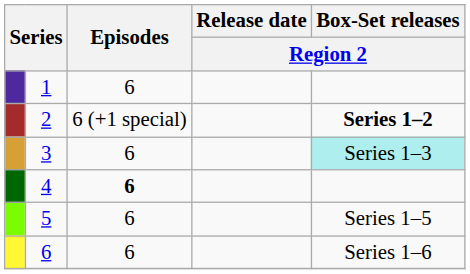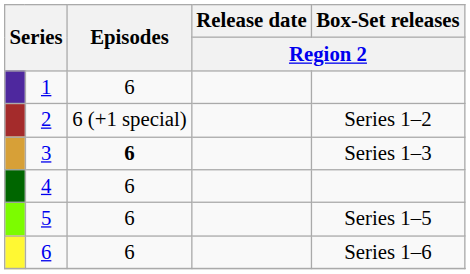 <table class="wikitable" style="text-align:center;">
 <tr>
 <th colspan="2" rowspan="2">Series</th>
 <th rowspan="2">Episodes</th>
 <th>Release date</th>
 <th>Box-Set releases</th>
 </tr>
 <tr>
 <th colspan="2"><a href='#'>Region 2</a></th>
 </tr>
 <tr>
 <td style="background:#4e289e;"></td>
 <td><a href='#'>1</a></td>
 <td>6</td>
 <td></td>
 <td></td>
 </tr>
 <tr>
 <td style="background:#a42b2b;"></td>
 <td><a href='#'>2</a></td>
 <td>6 (+1 special)</td>
 <td></td>
-<td><strong>Series 1–2</strong></td>
+<td>Series 1–2</td>
 </tr>
 <tr>
 <td style="background:#d7a037;"></td>
 <td><a href='#'>3</a></td>
-<td>6</td>
+<td><strong>6</strong></td>
 <td></td>
-<td style="background: paleturquoise;">Series 1–3</td>
+<td>Series 1–3</td>
 </tr>
 <tr>
 <td style="background:#060;"></td>
 <td><a href='#'>4</a></td>
-<td><strong>6</strong></td>
+<td>6</td>
 <td></td>
 <td></td>
 </tr>
 <tr>
 <td style="background:#7cfc00;"></td>
 <td><a href='#'>5</a></td>
 <td>6</td>
 <td></td>
 <td>Series 1–5</td>
 </tr>
 <tr>
 <td style="background:#fff833;"></td>
 <td><a href='#'>6</a></td>
 <td>6</td>
 <td></td>
 <td>Series 1–6</td>
 </tr>
 <tr>
 </tr>
 </table>
